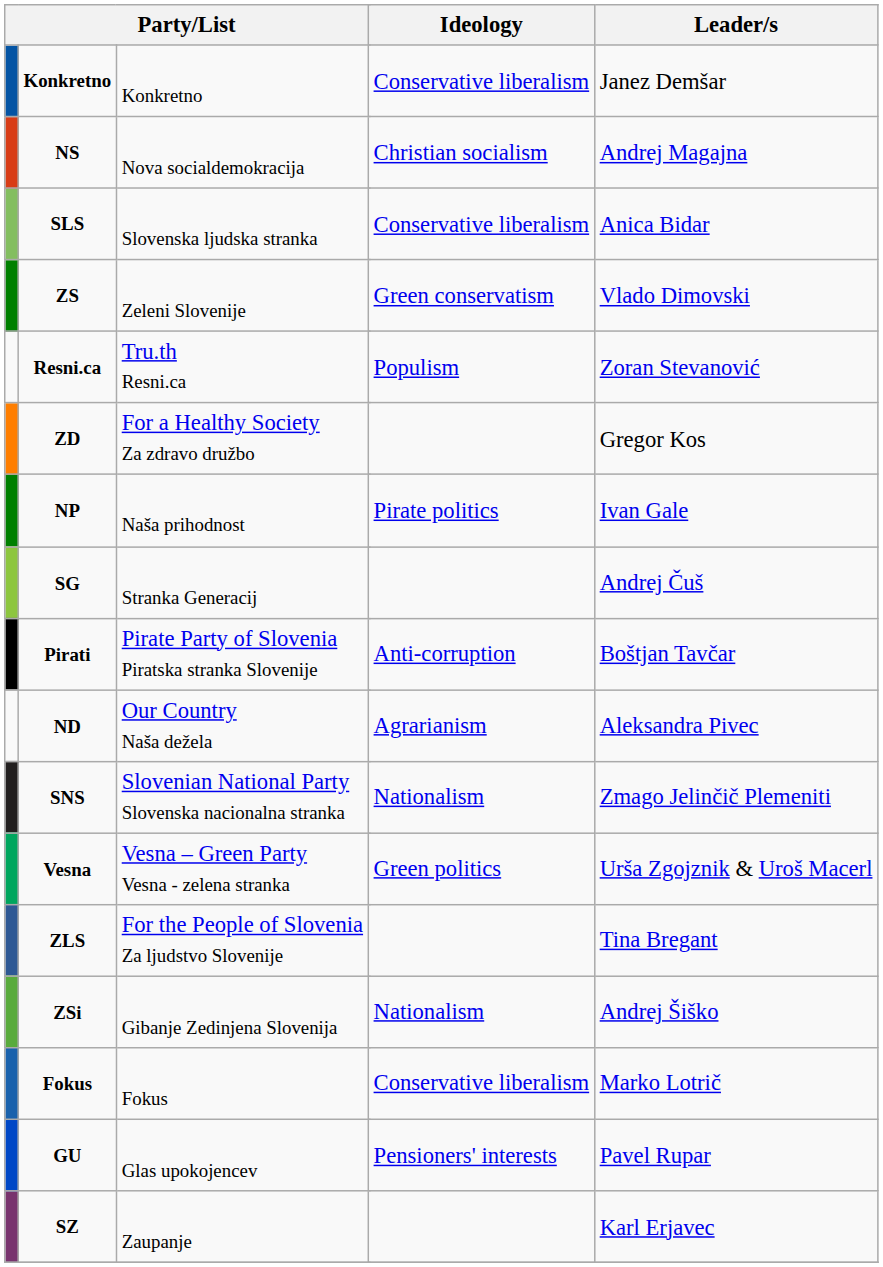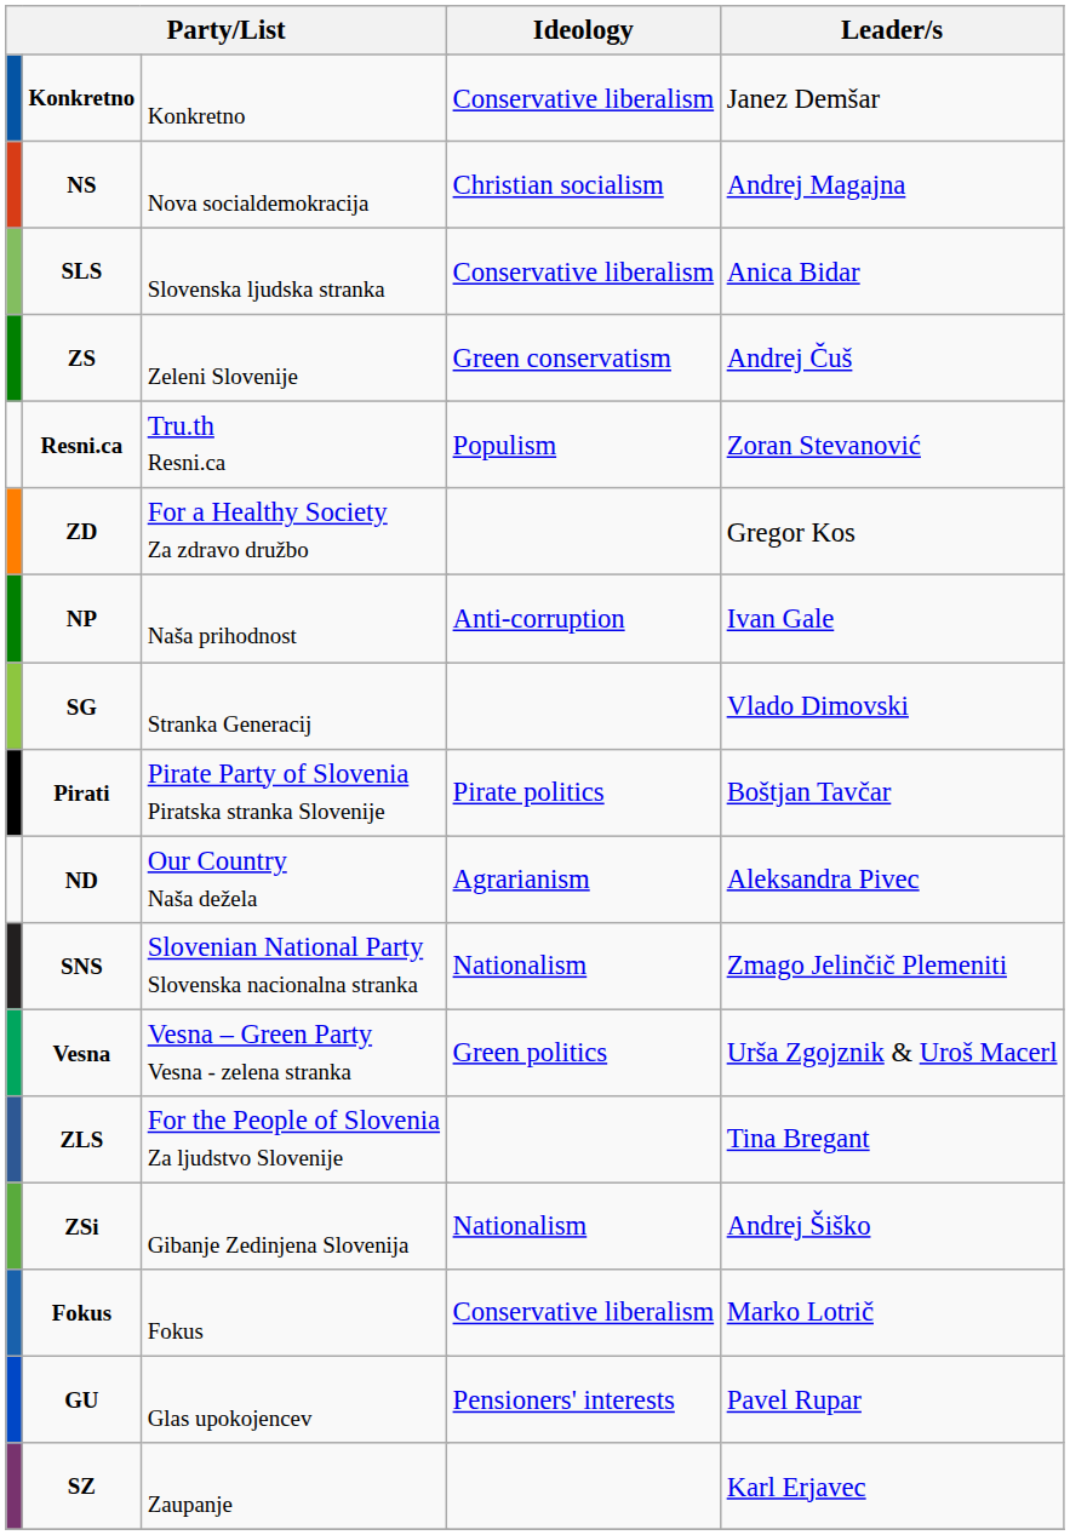 <table class="wikitable sortable collapsible collapsed tpl-blanktable" style="text-align:left; font-size:95%; line-height:20px;">
 <tr>
 <th colspan="5">Party/List</th>
 <th>Ideology</th>
 <th>Leader/s</th>
 </tr>
 <tr>
 <td style="background:#0454a4"></td>
 <td style="text-align:center;"><strong><small>Konkretno</small></strong></td>
 <td colspan="3"><br><small>Konkretno</small></td>
 <td><a href='#'>Conservative liberalism</a></td>
 <td>Janez Demšar</td>
 </tr>
 <tr>
 <td style="background:#d83c16"></td>
 <td style="text-align:center;"><strong><small>NS</small></strong></td>
 <td colspan="3"><br><small>Nova socialdemokracija</small></td>
 <td><a href='#'>Christian socialism</a></td>
 <td><a href='#'>Andrej Magajna</a></td>
 </tr>
 <tr>
 <td style="background:#83be60"></td>
 <td style="text-align:center;"><strong><small>SLS</small></strong></td>
 <td colspan="3"><br><small>Slovenska ljudska stranka</small></td>
 <td><a href='#'>Conservative liberalism</a></td>
 <td><a href='#'>Anica Bidar</a></td>
 </tr>
 <tr>
 <td style="background:green"></td>
 <td style="text-align:center;"><strong><small>ZS</small></strong></td>
 <td colspan="3"><br><small>Zeleni Slovenije</small></td>
 <td><a href='#'>Green conservatism</a></td>
-<td><a href='#'>Vlado Dimovski</a></td>
+<td><a href='#'>Andrej Čuš</a></td>
 </tr>
 <tr>
 <td style="background:"></td>
 <td style="text-align:center;"><strong><small>Resni.ca</small></strong></td>
 <td colspan="3"><a href='#'>Tru.th</a><br><small>Resni.ca</small></td>
 <td><a href='#'>Populism</a></td>
 <td><a href='#'>Zoran Stevanović</a></td>
 </tr>
 <tr>
 <td style="background:#FF7E00"></td>
 <td style="text-align:center;"><strong><small>ZD</small></strong></td>
 <td colspan="3"><a href='#'>For a Healthy Society</a><br><small>Za zdravo družbo</small></td>
 <td></td>
 <td>Gregor Kos</td>
 </tr>
 <tr>
 <td style="background:green"></td>
 <td style="text-align:center;"><strong><small>NP</small></strong></td>
 <td colspan="3"><br><small>Naša prihodnost</small></td>
-<td><a href='#'>Pirate politics</a></td>
+<td><a href='#'>Anti-corruption</a></td>
 <td><a href='#'>Ivan Gale</a></td>
 </tr>
 <tr>
 <td style="background:#8DC63F"></td>
 <td style="text-align:center;"><strong><small>SG</small></strong></td>
 <td colspan="3"><br><small>Stranka Generacij</small></td>
 <td></td>
-<td><a href='#'>Andrej Čuš</a></td>
+<td><a href='#'>Vlado Dimovski</a></td>
 </tr>
 <tr>
 <td style="background:#000000"></td>
 <td style="text-align:center;"><strong><small>Pirati</small></strong></td>
 <td colspan="3"><a href='#'>Pirate Party of Slovenia</a><br><small>Piratska stranka Slovenije</small></td>
-<td><a href='#'>Anti-corruption</a></td>
+<td><a href='#'>Pirate politics</a></td>
 <td><a href='#'>Boštjan Tavčar</a></td>
 </tr>
 <tr>
 <td style="background:"></td>
 <td style="text-align:center;"><strong><small>ND</small></strong></td>
 <td colspan="3"><a href='#'>Our Country</a><br><small>Naša dežela</small></td>
 <td><a href='#'>Agrarianism</a></td>
 <td><a href='#'>Aleksandra Pivec</a></td>
 </tr>
 <tr>
 <td style="background:#221F1F"></td>
 <td style="text-align:center;"><strong><small>SNS</small></strong></td>
 <td colspan="3"><a href='#'>Slovenian National Party</a><br><small>Slovenska nacionalna stranka</small></td>
 <td><a href='#'>Nationalism</a></td>
 <td><a href='#'>Zmago Jelinčič Plemeniti</a></td>
 </tr>
 <tr>
 <td style="background:#00A65E"></td>
 <td style="text-align:center;"><strong><small>Vesna</small></strong></td>
 <td colspan="3"><a href='#'>Vesna – Green Party</a><br><small>Vesna - zelena stranka</small></td>
 <td><a href='#'>Green politics</a></td>
 <td><a href='#'>Urša Zgojznik</a> & <a href='#'>Uroš Macerl</a></td>
 </tr>
 <tr>
 <td style="width:2px; background:#2E5894"></td>
 <td style="text-align:center;"><strong><small>ZLS</small></strong></td>
 <td colspan="3"><a href='#'>For the People of Slovenia</a><br><small>Za ljudstvo Slovenije</small></td>
 <td></td>
 <td><a href='#'>Tina Bregant</a></td>
 </tr>
 <tr>
 <td style="background:#59ab3c"></td>
 <td style="text-align:center;"><strong><small>ZSi</small></strong></td>
 <td colspan="3"><br><small>Gibanje Zedinjena Slovenija</small></td>
 <td><a href='#'>Nationalism</a></td>
 <td><a href='#'>Andrej Šiško</a></td>
 </tr>
 <tr>
 <td style="background:#1961ac"></td>
 <td style="text-align:center;"><strong><small>Fokus</small></strong></td>
 <td colspan="3"><br><small>Fokus</small></td>
 <td><a href='#'>Conservative liberalism</a></td>
 <td><a href='#'>Marko Lotrič</a></td>
 </tr>
 <tr>
 <td style="background:#0047c6"></td>
 <td style="text-align:center;"><strong><small>GU</small></strong></td>
 <td colspan="3"><br><small>Glas upokojencev</small></td>
 <td><a href='#'>Pensioners' interests</a></td>
 <td><a href='#'>Pavel Rupar</a></td>
 </tr>
 <tr>
 <td style="background:#78336e"></td>
 <td style="text-align:center;"><strong><small>SZ</small></strong></td>
 <td colspan="3"><br><small>Zaupanje</small></td>
 <td></td>
 <td><a href='#'>Karl Erjavec</a></td>
 </tr>
 <tr>
 </tr>
 </table>
